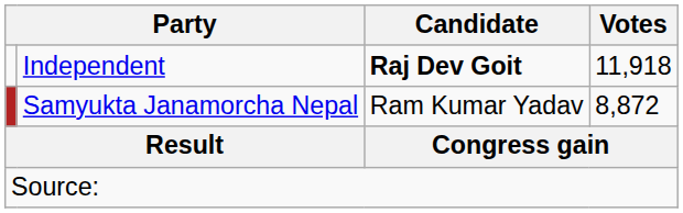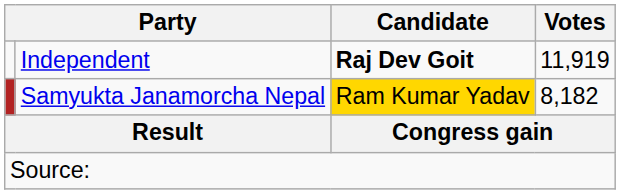 <table class="wikitable">
 <tr>
 <th colspan="2">Party</th>
 <th>Candidate</th>
 <th>Votes</th>
 </tr>
 <tr>
 <td style="background-color:"></td>
 <td><a href='#'>Independent</a></td>
 <td><strong>Raj Dev Goit</strong></td>
-<td>11,918</td>
+<td>11,919</td>
 </tr>
 <tr>
 <td style="background-color:firebrick"></td>
 <td><a href='#'>Samyukta Janamorcha Nepal</a></td>
-<td>Ram Kumar Yadav</td>
-<td>8,872</td>
+<td style="background: gold;">Ram Kumar Yadav</td>
+<td>8,182</td>
 </tr>
 <tr>
 <th colspan="2">Result</th>
 <th colspan="2">Congress gain</th>
 </tr>
 <tr>
 <td colspan="4">Source: </td>
 </tr>
 </table>
